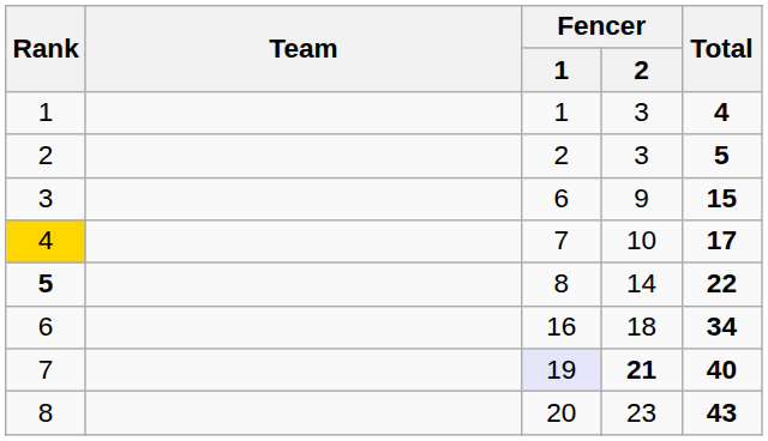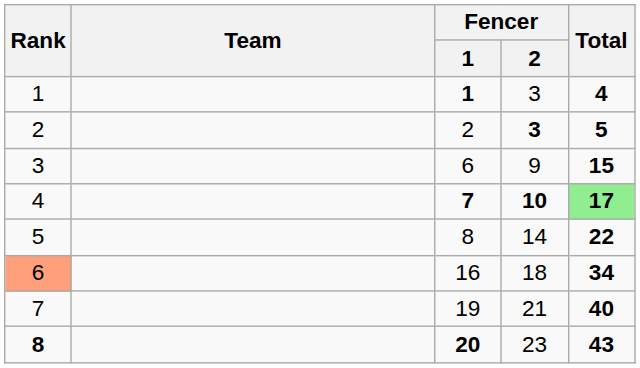 <table class=wikitable style="text-align:center">
 <tr>
 <th rowspan=2 width=40>Rank</th>
 <th rowspan=2 width=250>Team</th>
 <th colspan=2>Fencer</th>
 <th rowspan=2 width=40>Total</th>
 </tr>
 <tr>
 <th width=40>1</th>
 <th width=40>2</th>
 </tr>
 <tr>
 <td>1</td>
 <td align=left></td>
-<td>1</td>
+<td><strong>1</strong></td>
 <td>3</td>
 <td><strong>4</strong></td>
 </tr>
 <tr>
 <td>2</td>
 <td align=left></td>
 <td>2</td>
-<td>3</td>
+<td><strong>3</strong></td>
 <td><strong>5</strong></td>
 </tr>
 <tr>
 <td>3</td>
 <td align=left></td>
 <td>6</td>
 <td>9</td>
 <td><strong>15</strong></td>
 </tr>
 <tr>
-<td style="background: gold;">4</td>
+<td>4</td>
 <td align=left></td>
-<td>7</td>
-<td>10</td>
-<td><strong>17</strong></td>
+<td><strong>7</strong></td>
+<td><strong>10</strong></td>
+<td style="background: lightgreen;"><strong>17</strong></td>
 </tr>
 <tr>
-<td><strong>5</strong></td>
+<td>5</td>
 <td align=left></td>
 <td>8</td>
 <td>14</td>
 <td><strong>22</strong></td>
 </tr>
 <tr>
-<td>6</td>
+<td style="background: lightsalmon;">6</td>
 <td align=left></td>
 <td>16</td>
 <td>18</td>
 <td><strong>34</strong></td>
 </tr>
 <tr>
 <td>7</td>
 <td align=left></td>
-<td style="background: lavender;">19</td>
-<td><strong>21</strong></td>
+<td>19</td>
+<td>21</td>
 <td><strong>40</strong></td>
 </tr>
 <tr>
-<td>8</td>
+<td><strong>8</strong></td>
 <td align=left></td>
-<td>20</td>
+<td><strong>20</strong></td>
 <td>23</td>
 <td><strong>43</strong></td>
 </tr>
 </table>
